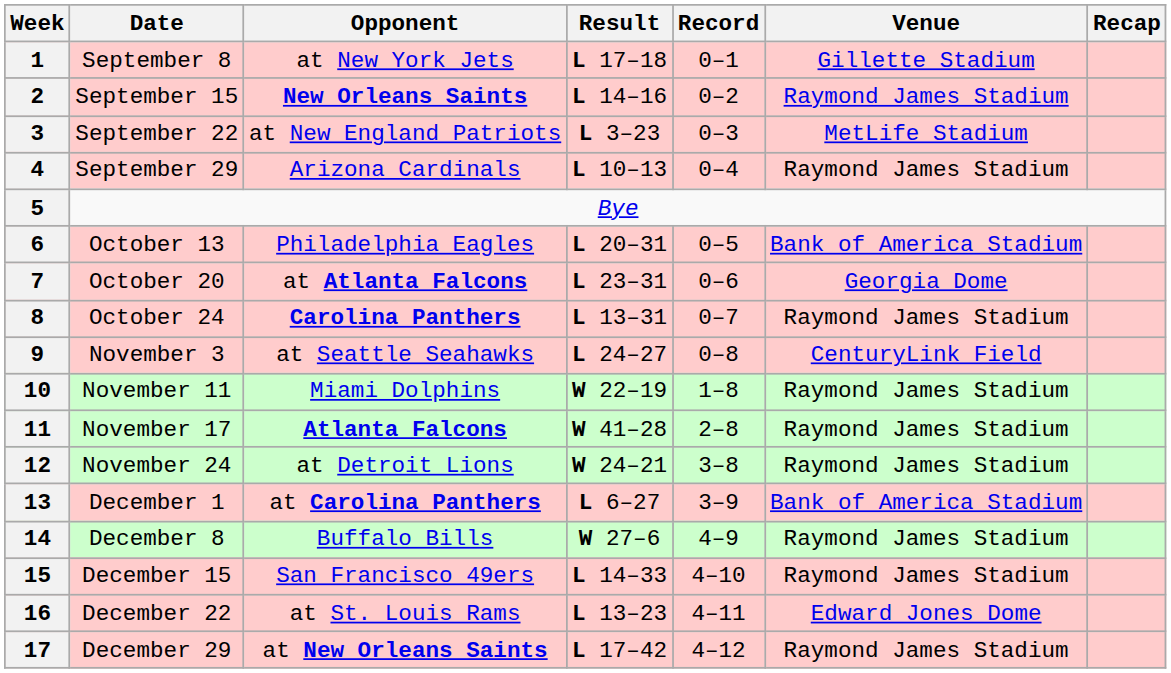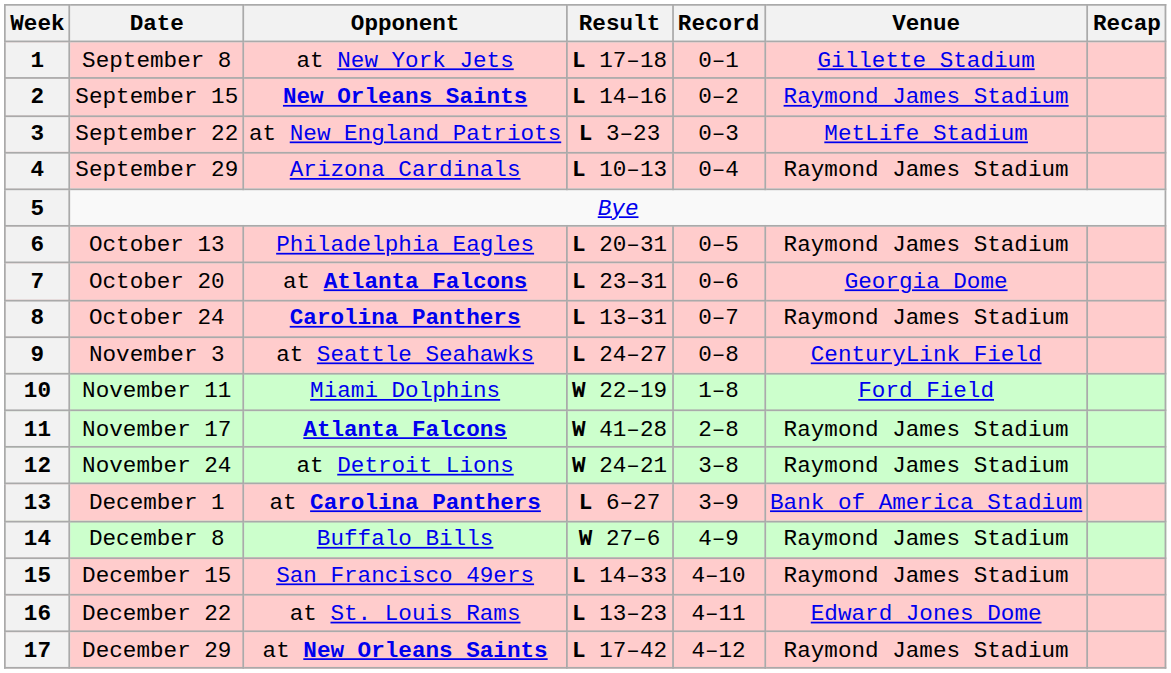 <table class="wikitable" style="text-align:center">
 <tr>
 <th>Week</th>
 <th>Date</th>
 <th>Opponent</th>
 <th>Result</th>
 <th>Record</th>
 <th>Venue</th>
 <th>Recap</th>
 </tr>
 <tr style="background:#fcc">
 <th>1</th>
 <td>September 8</td>
 <td>at <a href='#'>New York Jets</a></td>
 <td><strong>L</strong> 17–18</td>
 <td>0–1</td>
 <td><a href='#'>Gillette Stadium</a></td>
 <td></td>
 </tr>
 <tr style="background:#fcc">
 <th>2</th>
 <td>September 15</td>
 <td><strong><a href='#'>New Orleans Saints</a></strong></td>
 <td><strong>L</strong> 14–16</td>
 <td>0–2</td>
 <td><a href='#'>Raymond James Stadium</a></td>
 <td></td>
 </tr>
 <tr style="background:#fcc">
 <th>3</th>
 <td>September 22</td>
 <td>at <a href='#'>New England Patriots</a></td>
 <td><strong>L</strong> 3–23</td>
 <td>0–3</td>
 <td><a href='#'>MetLife Stadium</a></td>
 <td></td>
 </tr>
 <tr style="background:#fcc">
 <th>4</th>
 <td>September 29</td>
 <td><a href='#'>Arizona Cardinals</a></td>
 <td><strong>L</strong> 10–13</td>
 <td>0–4</td>
 <td>Raymond James Stadium</td>
 <td></td>
 </tr>
 <tr>
 <th>5</th>
 <td colspan="6"><em><a href='#'>Bye</a></em></td>
 </tr>
 <tr style="background:#fcc">
 <th>6</th>
 <td>October 13</td>
 <td><a href='#'>Philadelphia Eagles</a></td>
 <td><strong>L</strong> 20–31</td>
 <td>0–5</td>
-<td><a href='#'>Bank of America Stadium</a></td>
+<td>Raymond James Stadium</td>
 <td></td>
 </tr>
 <tr style="background:#fcc">
 <th>7</th>
 <td>October 20</td>
 <td>at <strong><a href='#'>Atlanta Falcons</a></strong></td>
 <td><strong>L</strong> 23–31</td>
 <td>0–6</td>
 <td><a href='#'>Georgia Dome</a></td>
 <td></td>
 </tr>
 <tr style="background:#fcc">
 <th>8</th>
 <td>October 24</td>
 <td><strong><a href='#'>Carolina Panthers</a></strong></td>
 <td><strong>L</strong> 13–31</td>
 <td>0–7</td>
 <td>Raymond James Stadium</td>
 <td></td>
 </tr>
 <tr style="background:#fcc">
 <th>9</th>
 <td>November 3</td>
 <td>at <a href='#'>Seattle Seahawks</a></td>
 <td><strong>L</strong> 24–27 </td>
 <td>0–8</td>
 <td><a href='#'>CenturyLink Field</a></td>
 <td></td>
 </tr>
 <tr style="background:#cfc">
 <th>10</th>
 <td>November 11</td>
 <td><a href='#'>Miami Dolphins</a></td>
 <td><strong>W</strong> 22–19</td>
 <td>1–8</td>
-<td>Raymond James Stadium</td>
+<td><a href='#'>Ford Field</a></td>
 <td></td>
 </tr>
 <tr style="background:#cfc">
 <th>11</th>
 <td>November 17</td>
 <td><strong><a href='#'>Atlanta Falcons</a></strong></td>
 <td><strong>W</strong> 41–28</td>
 <td>2–8</td>
 <td>Raymond James Stadium</td>
 <td></td>
 </tr>
 <tr style="background:#cfc">
 <th>12</th>
 <td>November 24</td>
 <td>at <a href='#'>Detroit Lions</a></td>
 <td><strong>W</strong> 24–21</td>
 <td>3–8</td>
 <td>Raymond James Stadium</td>
 <td></td>
 </tr>
 <tr style="background:#fcc">
 <th>13</th>
 <td>December 1</td>
 <td>at <strong><a href='#'>Carolina Panthers</a></strong></td>
 <td><strong>L</strong> 6–27</td>
 <td>3–9</td>
 <td><a href='#'>Bank of America Stadium</a></td>
 <td></td>
 </tr>
 <tr style="background:#cfc">
 <th>14</th>
 <td>December 8</td>
 <td><a href='#'>Buffalo Bills</a></td>
 <td><strong>W</strong> 27–6</td>
 <td>4–9</td>
 <td>Raymond James Stadium</td>
 <td></td>
 </tr>
 <tr style="background:#fcc">
 <th>15</th>
 <td>December 15</td>
 <td><a href='#'>San Francisco 49ers</a></td>
 <td><strong>L</strong> 14–33</td>
 <td>4–10</td>
 <td>Raymond James Stadium</td>
 <td></td>
 </tr>
 <tr style="background:#fcc">
 <th>16</th>
 <td>December 22</td>
 <td>at <a href='#'>St. Louis Rams</a></td>
 <td><strong>L</strong> 13–23</td>
 <td>4–11</td>
 <td><a href='#'>Edward Jones Dome</a></td>
 <td></td>
 </tr>
 <tr style="background:#fcc">
 <th>17</th>
 <td>December 29</td>
 <td>at <strong><a href='#'>New Orleans Saints</a></strong></td>
 <td><strong>L</strong> 17–42</td>
 <td>4–12</td>
 <td>Raymond James Stadium</td>
 <td></td>
 </tr>
 </table>
